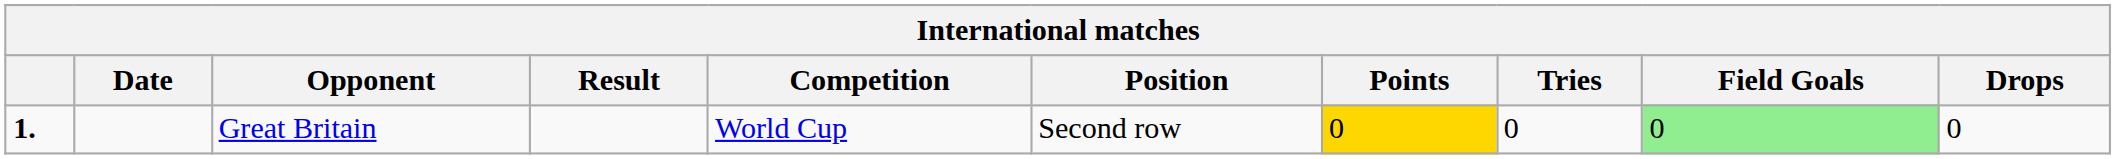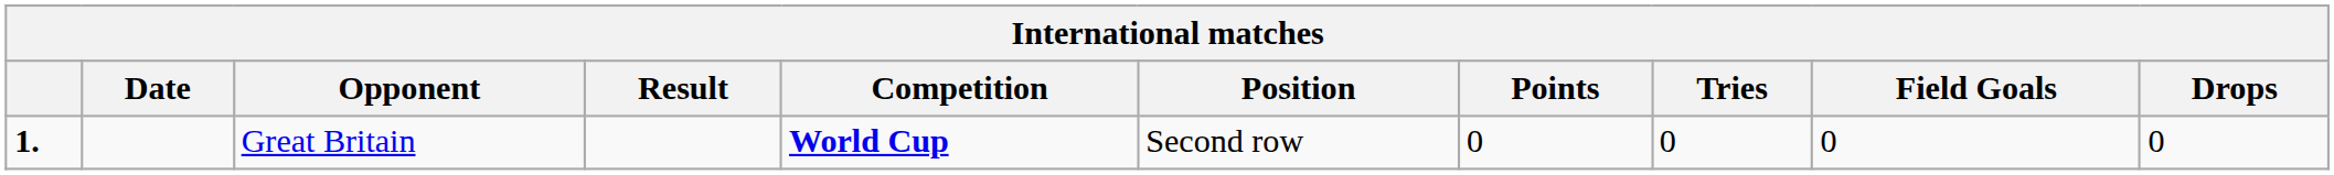 <table class="wikitable sortable" style="float:center; border:1px; font-size:90%; margin-left:1em;" border="1">
 <tr>
 <th colspan="12" width="1000">International matches</th>
 </tr>
 <tr>
 <th></th>
 <th>Date</th>
 <th>Opponent</th>
 <th>Result</th>
 <th>Competition</th>
 <th>Position</th>
 <th>Points</th>
 <th>Tries</th>
 <th>Field Goals</th>
 <th>Drops</th>
 </tr>
 <tr>
 <td><strong>1.</strong></td>
 <td></td>
 <td><a href='#'>Great Britain</a></td>
 <td></td>
-<td><a href='#'>World Cup</a></td>
+<td><strong><a href='#'>World Cup</a></strong></td>
 <td>Second row</td>
-<td style="background: gold;">0</td>
 <td>0</td>
-<td style="background: lightgreen;">0</td>
+<td>0</td>
+<td>0</td>
 <td>0</td>
 </tr>
 </table>
